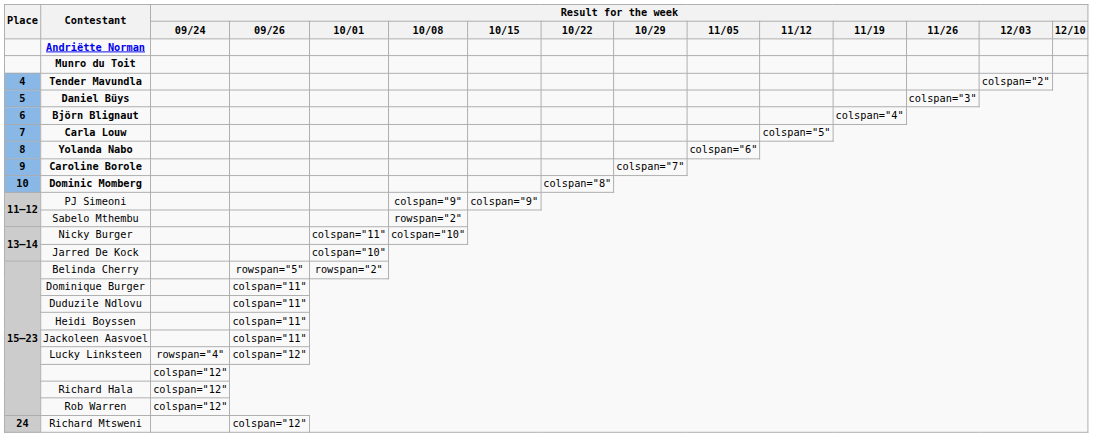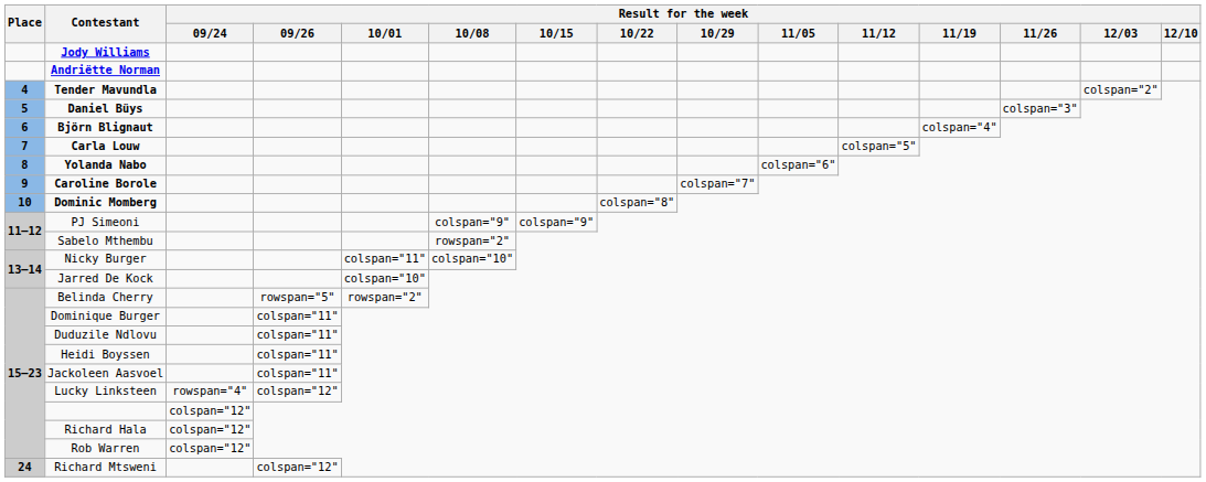 <table class="wikitable" style="text-align:center; font-size:85%">
 <tr>
 <th scope="col" rowspan="2">Place</th>
 <th scope="col" rowspan="2">Contestant</th>
 <th scope="col" colspan="13">Result for the week</th>
 </tr>
 <tr>
 <th scope="col">09/24</th>
 <th scope="col">09/26</th>
 <th scope="col">10/01</th>
 <th scope="col">10/08</th>
 <th scope="col">10/15</th>
 <th scope="col">10/22</th>
 <th scope="col">10/29</th>
 <th scope="col">11/05</th>
 <th scope="col">11/12</th>
 <th scope="col">11/19</th>
 <th scope="col">11/26</th>
 <th scope="col">12/03</th>
 <th scope="col">12/10</th>
 </tr>
 <tr>
 <td></td>
-<td><strong><a href='#'>Andriëtte Norman</a></strong></td>
+<td><strong><a href='#'>Jody Williams</a></strong></td>
 <td></td>
 <td></td>
 <td></td>
 <td></td>
 <td></td>
 <td></td>
 <td></td>
 <td></td>
 <td></td>
 <td></td>
 <td></td>
 <td></td>
 <td></td>
 </tr>
 <tr>
 <td></td>
-<td><strong>Munro du Toit</strong></td>
+<td><strong><a href='#'>Andriëtte Norman</a></strong></td>
 <td></td>
 <td></td>
 <td></td>
 <td></td>
 <td></td>
 <td></td>
 <td></td>
 <td></td>
 <td></td>
 <td></td>
 <td></td>
 <td></td>
 <td></td>
 </tr>
 <tr>
 <td style="background:#8ab8e6;"><strong>4</strong></td>
 <td><strong>Tender Mavundla</strong></td>
 <td></td>
 <td></td>
 <td></td>
 <td></td>
 <td></td>
 <td></td>
 <td></td>
 <td></td>
 <td></td>
 <td></td>
 <td></td>
 <td>colspan="2" </td>
 </tr>
 <tr>
 <td style="background:#8ab8e6;"><strong>5</strong></td>
 <td><strong>Daniel Büys</strong></td>
 <td></td>
 <td></td>
 <td></td>
 <td></td>
 <td></td>
 <td></td>
 <td></td>
 <td></td>
 <td></td>
 <td></td>
 <td>colspan="3" </td>
 </tr>
 <tr>
 <td style="background:#8ab8e6;"><strong>6</strong></td>
 <td><strong>Björn Blignaut</strong></td>
 <td></td>
 <td></td>
 <td></td>
 <td></td>
 <td></td>
 <td></td>
 <td></td>
 <td></td>
 <td></td>
 <td>colspan="4" </td>
 </tr>
 <tr>
 <td style="background:#8ab8e6;"><strong>7</strong></td>
 <td><strong>Carla Louw</strong></td>
 <td></td>
 <td></td>
 <td></td>
 <td></td>
 <td></td>
 <td></td>
 <td></td>
 <td></td>
 <td>colspan="5" </td>
 </tr>
 <tr>
 <td style="background:#8ab8e6;"><strong>8</strong></td>
 <td><strong>Yolanda Nabo</strong></td>
 <td></td>
 <td></td>
 <td></td>
 <td></td>
 <td></td>
 <td></td>
 <td></td>
 <td>colspan="6" </td>
 </tr>
 <tr>
 <td style="background:#8ab8e6;"><strong>9</strong></td>
 <td><strong>Caroline Borole</strong></td>
 <td></td>
 <td></td>
 <td></td>
 <td></td>
 <td></td>
 <td></td>
 <td>colspan="7" </td>
 </tr>
 <tr>
 <td style="background:#8ab8e6;"><strong>10</strong></td>
 <td><strong>Dominic Momberg</strong></td>
 <td></td>
 <td></td>
 <td></td>
 <td></td>
 <td></td>
 <td>colspan="8" </td>
 </tr>
 <tr>
 <td rowspan="2" style="background:#ccc;"><strong>11–12</strong></td>
 <td>PJ Simeoni</td>
 <td></td>
 <td></td>
 <td></td>
 <td>colspan="9" </td>
 <td>colspan="9" </td>
 </tr>
 <tr>
 <td>Sabelo Mthembu</td>
 <td></td>
 <td></td>
 <td></td>
 <td>rowspan="2" </td>
 </tr>
 <tr>
 <td rowspan="2" style="background:#ccc;"><strong>13–14</strong></td>
 <td>Nicky Burger</td>
 <td></td>
 <td></td>
 <td>colspan="11" </td>
 <td>colspan="10" </td>
 </tr>
 <tr>
 <td>Jarred De Kock</td>
 <td></td>
 <td></td>
 <td>colspan="10" </td>
 </tr>
 <tr>
 <td style="background:#ccc;" rowspan="9"><strong>15–23</strong><br></td>
 <td>Belinda Cherry</td>
 <td></td>
 <td>rowspan="5" </td>
 <td>rowspan="2" </td>
 </tr>
 <tr>
 <td>Dominique Burger</td>
 <td></td>
 <td>colspan="11" </td>
 </tr>
 <tr>
 <td>Duduzile Ndlovu</td>
 <td></td>
 <td>colspan="11" </td>
 </tr>
 <tr>
 <td>Heidi Boyssen</td>
 <td></td>
 <td>colspan="11" </td>
 </tr>
 <tr>
 <td>Jackoleen Aasvoel</td>
 <td></td>
 <td>colspan="11" </td>
 </tr>
 <tr>
 <td>Lucky Linksteen</td>
 <td>rowspan="4" </td>
 <td>colspan="12" </td>
 </tr>
 <tr>
 <td></td>
 <td>colspan="12" </td>
 </tr>
 <tr>
 <td>Richard Hala</td>
 <td>colspan="12" </td>
 </tr>
 <tr>
 <td>Rob Warren</td>
 <td>colspan="12" </td>
 </tr>
 <tr>
 <td style="background:#ccc;"><strong>24</strong></td>
 <td>Richard Mtsweni</td>
 <td></td>
 <td>colspan="12" </td>
 </tr>
 </table>
